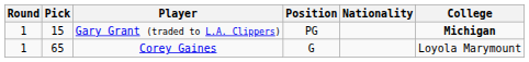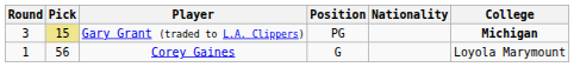 <table class="wikitable sortable sortable">
 <tr>
 <th>Round</th>
 <th>Pick</th>
 <th>Player</th>
 <th>Position</th>
 <th>Nationality</th>
 <th>College</th>
 </tr>
 <tr style="text-align: center">
-<td>1</td>
-<td>15</td>
+<td>3</td>
+<td style="background: khaki;">15</td>
 <td><a href='#'>Gary Grant</a> <small>(traded to <a href='#'>L.A. Clippers</a>)</small></td>
 <td>PG</td>
 <td></td>
 <td><strong>Michigan</strong></td>
 </tr>
 <tr style="text-align: center">
 <td>1</td>
-<td>65</td>
+<td>56</td>
 <td><a href='#'>Corey Gaines</a></td>
 <td>G</td>
 <td></td>
 <td>Loyola Marymount</td>
 </tr>
 </table>
